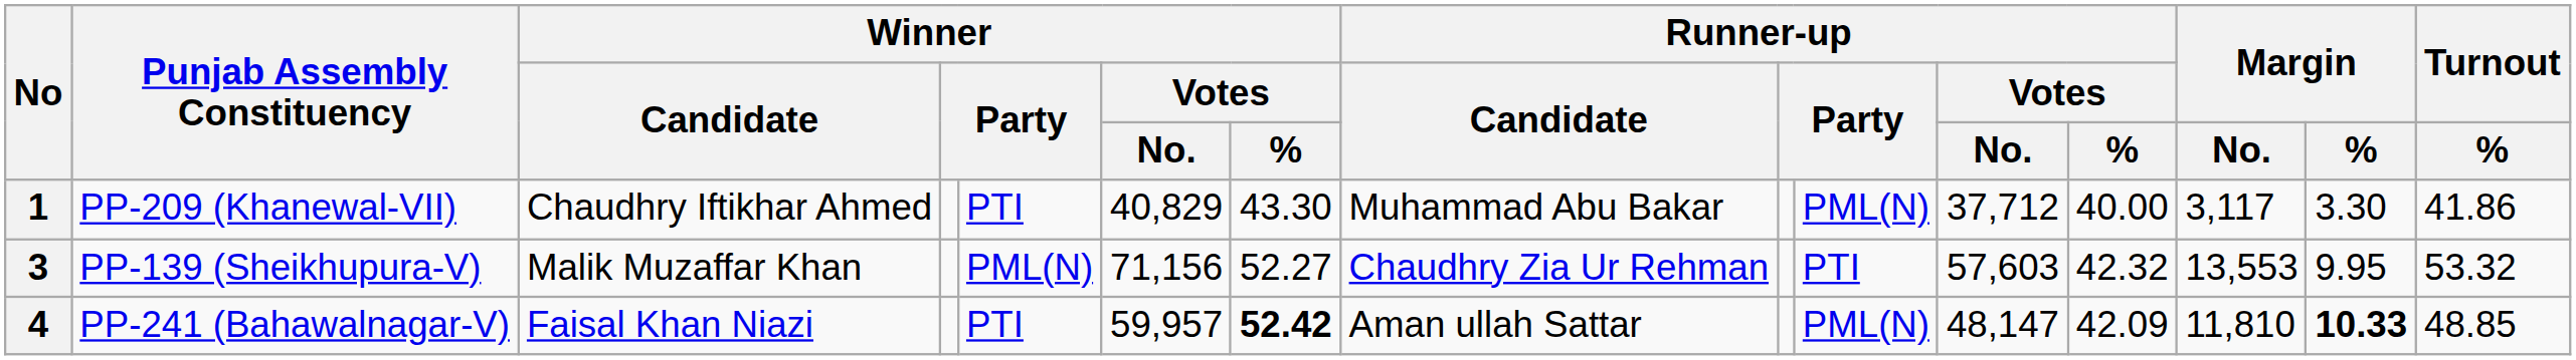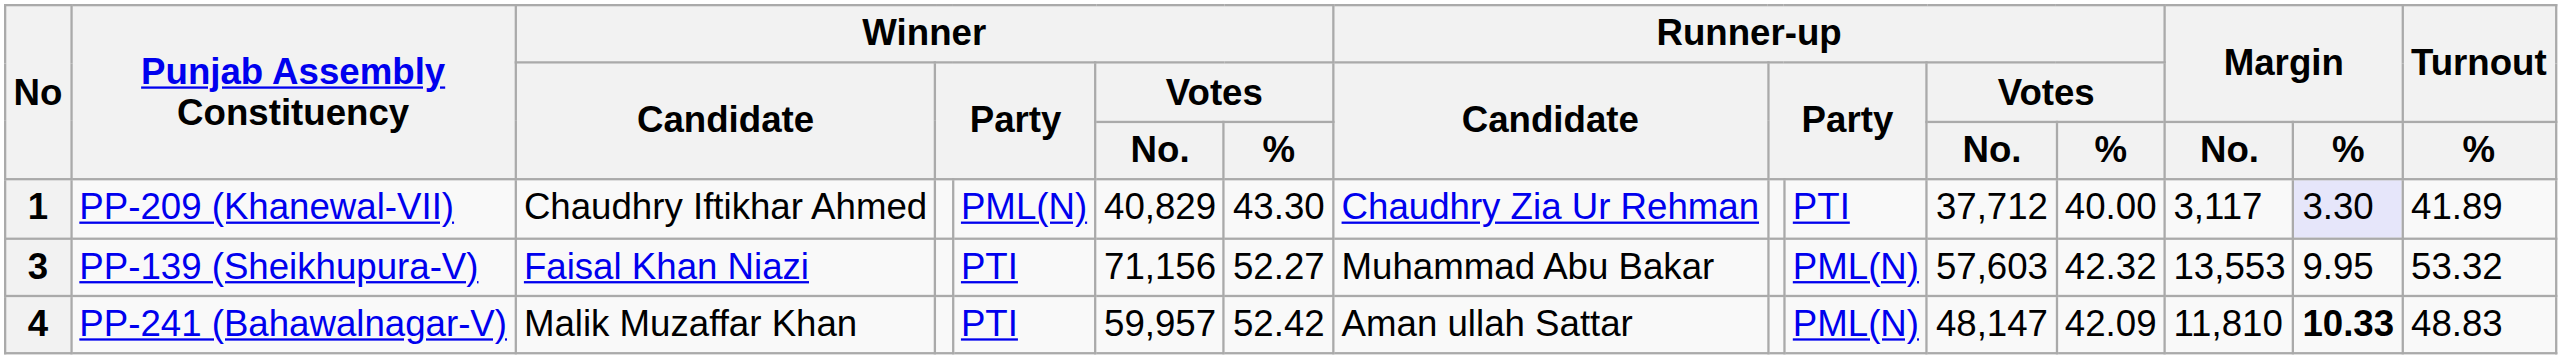 <table class="wikitable sortable">
 <tr>
 <th rowspan="3">No</th>
 <th rowspan="3"><a href='#'>Punjab Assembly</a><br>Constituency</th>
 <th colspan="5">Winner</th>
 <th colspan="5">Runner-up</th>
 <th colspan="2" rowspan="2">Margin</th>
 <th rowspan="2">Turnout</th>
 </tr>
 <tr>
 <th rowspan="2">Candidate</th>
 <th colspan="2" rowspan="2">Party</th>
 <th colspan="2">Votes</th>
 <th rowspan="2">Candidate</th>
 <th colspan="2" rowspan="2">Party</th>
 <th colspan="2">Votes</th>
 </tr>
 <tr>
 <th>No.</th>
 <th>%</th>
 <th>No.</th>
 <th>%</th>
 <th>No.</th>
 <th>%</th>
 <th>%</th>
 </tr>
 <tr>
 <th>1</th>
 <td><a href='#'>PP-209 (Khanewal-VII)</a></td>
 <td>Chaudhry Iftikhar Ahmed</td>
 <td></td>
-<td><a href='#'>PTI</a></td>
+<td><a href='#'>PML(N)</a></td>
 <td>40,829</td>
 <td>43.30</td>
-<td>Muhammad Abu Bakar</td>
+<td><a href='#'>Chaudhry Zia Ur Rehman</a></td>
 <td></td>
-<td><a href='#'>PML(N)</a></td>
+<td><a href='#'>PTI</a></td>
 <td>37,712</td>
 <td>40.00</td>
 <td>3,117</td>
-<td>3.30</td>
-<td>41.86</td>
+<td style="background: lavender;">3.30</td>
+<td>41.89</td>
 </tr>
 <tr>
 <th>3</th>
 <td><a href='#'>PP-139 (Sheikhupura-V)</a></td>
-<td>Malik Muzaffar Khan</td>
+<td><a href='#'>Faisal Khan Niazi</a></td>
+<td></td>
+<td><a href='#'>PTI</a></td>
+<td>71,156</td>
+<td>52.27</td>
+<td>Muhammad Abu Bakar</td>
 <td></td>
 <td><a href='#'>PML(N)</a></td>
-<td>71,156</td>
-<td>52.27</td>
-<td><a href='#'>Chaudhry Zia Ur Rehman</a></td>
-<td></td>
-<td><a href='#'>PTI</a></td>
 <td>57,603</td>
 <td>42.32</td>
 <td>13,553</td>
 <td>9.95</td>
 <td>53.32</td>
 </tr>
 <tr>
 <th>4</th>
 <td><a href='#'>PP-241 (Bahawalnagar-V)</a></td>
-<td><a href='#'>Faisal Khan Niazi</a></td>
+<td>Malik Muzaffar Khan</td>
 <td></td>
 <td><a href='#'>PTI</a></td>
 <td>59,957</td>
-<td><strong>52.42</strong></td>
+<td>52.42</td>
 <td>Aman ullah Sattar</td>
 <td></td>
 <td><a href='#'>PML(N)</a></td>
 <td>48,147</td>
 <td>42.09</td>
 <td>11,810</td>
 <td><strong>10.33</strong></td>
-<td>48.85</td>
+<td>48.83</td>
 </tr>
 </table>
